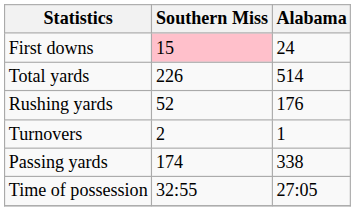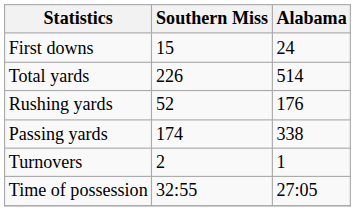 <table class="wikitable" style="float: left;">
 <tr>
 <th>Statistics</th>
 <th>Southern Miss</th>
 <th>Alabama</th>
 </tr>
 <tr>
 <td>First downs</td>
-<td style="background: pink;">15</td>
+<td>15</td>
 <td>24</td>
 </tr>
 <tr>
 <td>Total yards</td>
 <td>226</td>
 <td>514</td>
 </tr>
 <tr>
 <td>Rushing yards</td>
 <td>52</td>
 <td>176</td>
 </tr>
 <tr>
+<td>Passing yards</td>
+<td>174</td>
+<td>338</td>
+</tr>
+<tr>
 <td>Turnovers</td>
 <td>2</td>
 <td>1</td>
-</tr>
-<tr>
-<td>Passing yards</td>
-<td>174</td>
-<td>338</td>
 </tr>
 <tr>
 <td>Time of possession</td>
 <td>32:55</td>
 <td>27:05</td>
 </tr>
 <tr>
 </tr>
 </table>
